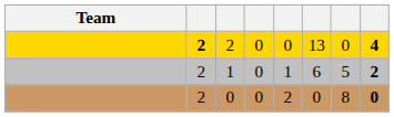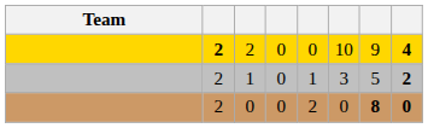 <table class="wikitable" style="text-align:center;">
 <tr>
 <th width=165>Team</th>
 <th width=20></th>
 <th width=20></th>
 <th width=20></th>
 <th width=20></th>
 <th width=20></th>
 <th width=20></th>
 <th width=20></th>
 </tr>
 <tr style="background:gold;">
 <td align="left"></td>
 <td><strong>2</strong></td>
 <td>2</td>
 <td>0</td>
 <td>0</td>
-<td>13</td>
-<td>0</td>
+<td>10</td>
+<td>9</td>
 <td><strong>4</strong></td>
 </tr>
 <tr style="background:silver;">
 <td align="left"></td>
 <td>2</td>
 <td>1</td>
 <td>0</td>
 <td>1</td>
-<td>6</td>
+<td>3</td>
 <td>5</td>
 <td><strong>2</strong></td>
 </tr>
 <tr style="background:#c96;">
 <td align="left"></td>
 <td>2</td>
 <td>0</td>
 <td>0</td>
 <td>2</td>
 <td>0</td>
-<td>8</td>
+<td><strong>8</strong></td>
 <td><strong>0</strong></td>
 </tr>
 </table>
